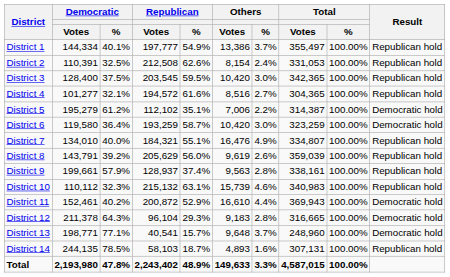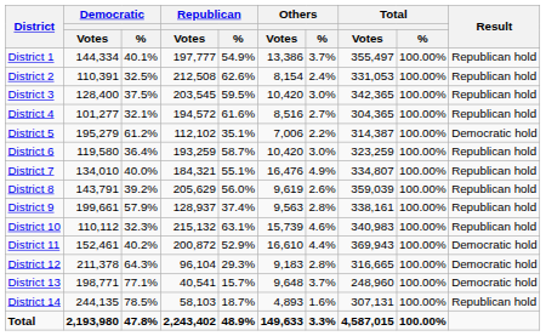 <table class="wikitable plainrowheaders sortable" style="font-size:100%; text-align:right;">
 <tr>
 <th scope=col rowspan=3><a href='#'>District</a></th>
 <th scope=col colspan=2><a href='#'>Democratic</a></th>
 <th scope=col colspan=2><a href='#'>Republican</a></th>
 <th scope=col colspan=2>Others</th>
 <th scope=col colspan=2>Total</th>
 <th scope=col rowspan=3>Result</th>
 </tr>
 <tr>
 <th scope=col colspan=2 style="background:"></th>
 <th scope=col colspan=2 style="background:"></th>
 <th scope=col colspan=2></th>
 <th scope=col colspan=2></th>
 </tr>
 <tr>
 <th scope=col data-sort-type="number">Votes</th>
 <th scope=col data-sort-type="number">%</th>
 <th scope=col data-sort-type="number">Votes</th>
 <th scope=col data-sort-type="number">%</th>
 <th scope=col data-sort-type="number">Votes</th>
 <th scope=col data-sort-type="number">%</th>
 <th scope=col data-sort-type="number">Votes</th>
 <th scope=col data-sort-type="number">%</th>
 </tr>
 <tr>
 <td align=left><a href='#'>District 1</a></td>
 <td>144,334</td>
 <td>40.1%</td>
 <td>197,777</td>
 <td>54.9%</td>
 <td>13,386</td>
 <td>3.7%</td>
 <td>355,497</td>
 <td>100.00%</td>
 <td align=left>Republican hold</td>
 </tr>
 <tr>
 <td align=left><a href='#'>District 2</a></td>
 <td>110,391</td>
 <td>32.5%</td>
 <td>212,508</td>
 <td>62.6%</td>
 <td>8,154</td>
 <td>2.4%</td>
 <td>331,053</td>
 <td>100.00%</td>
 <td align=left>Republican hold</td>
 </tr>
 <tr>
 <td align=left><a href='#'>District 3</a></td>
 <td>128,400</td>
 <td>37.5%</td>
 <td>203,545</td>
 <td>59.5%</td>
 <td>10,420</td>
 <td>3.0%</td>
 <td>342,365</td>
 <td>100.00%</td>
 <td align=left>Republican hold</td>
 </tr>
 <tr>
 <td align=left><a href='#'>District 4</a></td>
 <td>101,277</td>
 <td>32.1%</td>
 <td>194,572</td>
 <td>61.6%</td>
 <td>8,516</td>
 <td>2.7%</td>
 <td>304,365</td>
 <td>100.00%</td>
 <td align=left>Republican hold</td>
 </tr>
 <tr>
 <td align=left><a href='#'>District 5</a></td>
 <td>195,279</td>
 <td>61.2%</td>
 <td>112,102</td>
 <td>35.1%</td>
 <td>7,006</td>
 <td>2.2%</td>
 <td>314,387</td>
 <td>100.00%</td>
 <td align=left>Democratic hold</td>
 </tr>
 <tr>
 <td align=left><a href='#'>District 6</a></td>
 <td>119,580</td>
 <td>36.4%</td>
 <td>193,259</td>
 <td>58.7%</td>
 <td>10,420</td>
 <td>3.0%</td>
 <td>323,259</td>
 <td>100.00%</td>
-<td align=left>Democratic hold</td>
+<td align=left>Republican hold</td>
 </tr>
 <tr>
 <td align=left><a href='#'>District 7</a></td>
 <td>134,010</td>
 <td>40.0%</td>
 <td>184,321</td>
 <td>55.1%</td>
 <td>16,476</td>
 <td>4.9%</td>
 <td>334,807</td>
 <td>100.00%</td>
 <td align=left>Republican hold</td>
 </tr>
 <tr>
 <td align=left><a href='#'>District 8</a></td>
 <td>143,791</td>
 <td>39.2%</td>
 <td>205,629</td>
 <td>56.0%</td>
 <td>9,619</td>
 <td>2.6%</td>
 <td>359,039</td>
 <td>100.00%</td>
 <td align=left>Republican hold</td>
 </tr>
 <tr>
 <td align=left><a href='#'>District 9</a></td>
 <td>199,661</td>
 <td>57.9%</td>
 <td>128,937</td>
 <td>37.4%</td>
 <td>9,563</td>
 <td>2.8%</td>
 <td>338,161</td>
 <td>100.00%</td>
 <td align=left>Republican hold</td>
 </tr>
 <tr>
 <td align=left><a href='#'>District 10</a></td>
 <td>110,112</td>
 <td>32.3%</td>
 <td>215,132</td>
 <td>63.1%</td>
 <td>15,739</td>
 <td>4.6%</td>
 <td>340,983</td>
 <td>100.00%</td>
 <td align=left>Republican hold</td>
 </tr>
 <tr>
 <td align=left><a href='#'>District 11</a></td>
 <td>152,461</td>
 <td>40.2%</td>
 <td>200,872</td>
 <td>52.9%</td>
 <td>16,610</td>
 <td>4.4%</td>
 <td>369,943</td>
 <td>100.00%</td>
 <td align=left>Democratic hold</td>
 </tr>
 <tr>
 <td align=left><a href='#'>District 12</a></td>
 <td>211,378</td>
 <td>64.3%</td>
 <td>96,104</td>
 <td>29.3%</td>
 <td>9,183</td>
 <td>2.8%</td>
 <td>316,665</td>
 <td>100.00%</td>
 <td align=left>Democratic hold</td>
 </tr>
 <tr>
 <td align=left><a href='#'>District 13</a></td>
 <td>198,771</td>
 <td>77.1%</td>
 <td>40,541</td>
 <td>15.7%</td>
 <td>9,648</td>
 <td>3.7%</td>
 <td>248,960</td>
 <td>100.00%</td>
 <td align=left>Democratic hold</td>
 </tr>
 <tr>
 <td align=left><a href='#'>District 14</a></td>
 <td>244,135</td>
 <td>78.5%</td>
 <td>58,103</td>
 <td>18.7%</td>
 <td>4,893</td>
 <td>1.6%</td>
 <td>307,131</td>
 <td>100.00%</td>
 <td align=left>Republican hold</td>
 </tr>
 <tr class="sortbottom" style="font-weight:bold">
 <td align=left>Total</td>
 <td>2,193,980</td>
 <td>47.8%</td>
 <td>2,243,402</td>
 <td>48.9%</td>
 <td>149,633</td>
 <td>3.3%</td>
 <td>4,587,015</td>
 <td>100.00%</td>
 <td></td>
 </tr>
 </table>
